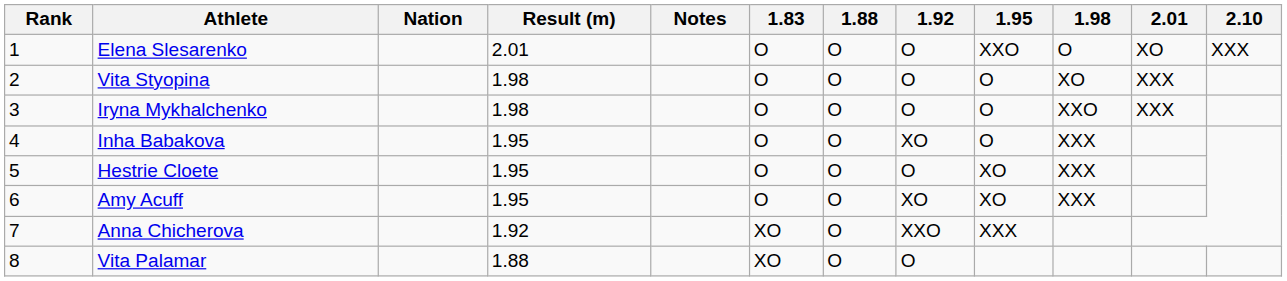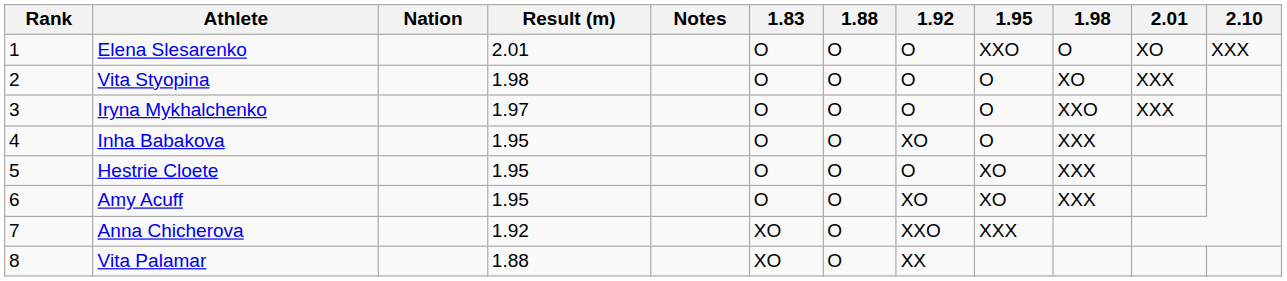 <table class="wikitable" style="text=align:center;" width=85%>
 <tr>
 <th>Rank</th>
 <th>Athlete</th>
 <th>Nation</th>
 <th>Result (m)</th>
 <th>Notes</th>
 <th>1.83</th>
 <th>1.88</th>
 <th>1.92</th>
 <th>1.95</th>
 <th>1.98</th>
 <th>2.01</th>
 <th>2.10</th>
 </tr>
 <tr>
 <td>1</td>
 <td><a href='#'>Elena Slesarenko</a></td>
 <td></td>
 <td>2.01</td>
 <td></td>
 <td>O</td>
 <td>O</td>
 <td>O</td>
 <td>XXO</td>
 <td>O</td>
 <td>XO</td>
 <td>XXX</td>
 </tr>
 <tr>
 <td>2</td>
 <td><a href='#'>Vita Styopina</a></td>
 <td></td>
 <td>1.98</td>
 <td></td>
 <td>O</td>
 <td>O</td>
 <td>O</td>
 <td>O</td>
 <td>XO</td>
 <td>XXX</td>
 <td></td>
 </tr>
 <tr>
 <td>3</td>
 <td><a href='#'>Iryna Mykhalchenko</a></td>
 <td></td>
-<td>1.98</td>
+<td>1.97</td>
 <td></td>
 <td>O</td>
 <td>O</td>
 <td>O</td>
 <td>O</td>
 <td>XXO</td>
 <td>XXX</td>
 <td></td>
 </tr>
 <tr>
 <td>4</td>
 <td><a href='#'>Inha Babakova</a></td>
 <td></td>
 <td>1.95</td>
 <td></td>
 <td>O</td>
 <td>O</td>
 <td>XO</td>
 <td>O</td>
 <td>XXX</td>
 <td></td>
 </tr>
 <tr>
 <td>5</td>
 <td><a href='#'>Hestrie Cloete</a></td>
 <td></td>
 <td>1.95</td>
 <td></td>
 <td>O</td>
 <td>O</td>
 <td>O</td>
 <td>XO</td>
 <td>XXX</td>
 <td></td>
 </tr>
 <tr>
 <td>6</td>
 <td><a href='#'>Amy Acuff</a></td>
 <td></td>
 <td>1.95</td>
 <td></td>
 <td>O</td>
 <td>O</td>
 <td>XO</td>
 <td>XO</td>
 <td>XXX</td>
 <td></td>
 </tr>
 <tr>
 <td>7</td>
 <td><a href='#'>Anna Chicherova</a></td>
 <td></td>
 <td>1.92</td>
 <td></td>
 <td>XO</td>
 <td>O</td>
 <td>XXO</td>
 <td>XXX</td>
 <td></td>
 </tr>
 <tr>
 <td>8</td>
 <td><a href='#'>Vita Palamar</a></td>
 <td></td>
 <td>1.88</td>
 <td></td>
 <td>XO</td>
 <td>O</td>
-<td>O</td>
+<td>XX</td>
 <td></td>
 <td></td>
 <td></td>
 <td></td>
 </tr>
 </table>
